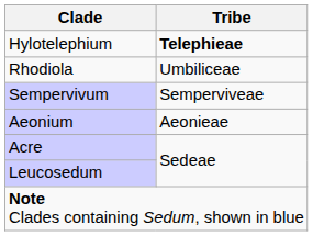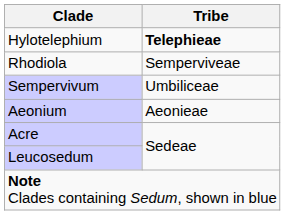 <table class="wikitable">
 <tr>
 <th>Clade</th>
 <th>Tribe</th>
 </tr>
 <tr>
 <td>Hylotelephium</td>
 <td><strong>Telephieae</strong></td>
 </tr>
 <tr>
 <td>Rhodiola</td>
-<td>Umbiliceae</td>
+<td>Semperviveae</td>
 </tr>
 <tr>
 <td style="background: #ccf;">Sempervivum</td>
-<td>Semperviveae</td>
+<td>Umbiliceae</td>
 </tr>
 <tr>
 <td style="background: #ccf;">Aeonium</td>
 <td>Aeonieae</td>
 </tr>
 <tr>
 <td style="background: #ccf;">Acre</td>
 <td rowspan=2>Sedeae</td>
 </tr>
 <tr>
 <td style="background: #ccf;">Leucosedum</td>
 </tr>
 <tr>
 <td colspan=2><strong>Note</strong><br>Clades containing <em>Sedum</em>, shown in blue</td>
 </tr>
 </table>
